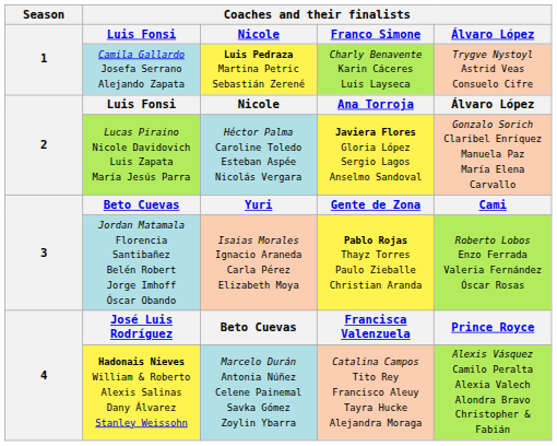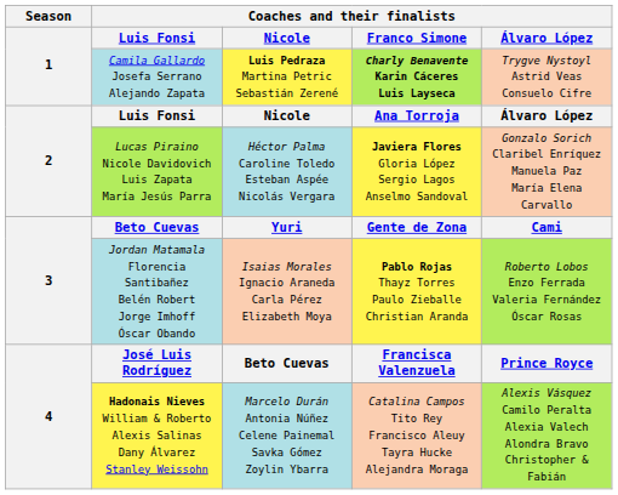 <table class="wikitable" style="text-align:center; line-height:16px; width:70%">
 <tr>
 <th style="width:10%">Season</th>
 <th style="width:50%" colspan="4">Coaches and their finalists</th>
 </tr>
 <tr>
 <th rowspan="2">1</th>
 <th style="width:15%" scope="col"><a href='#'>Luis Fonsi</a></th>
 <th style="width:15%" scope="col"><a href='#'>Nicole</a></th>
 <th style="width:15%" scope="col"><a href='#'>Franco Simone</a></th>
 <th style="width:15%" scope="col"><a href='#'>Álvaro López</a></th>
 </tr>
 <tr>
 <td style="background:#B0E0E6"><small><em><a href='#'>Camila Gallardo</a></em><br>Josefa Serrano<br>Alejando Zapata</small></td>
 <td style="background:#FFF44F"><small><strong>Luis Pedraza</strong><br>Martina Petric<br>Sebastián Zerené</small></td>
-<td style="background:#B2EC5D"><small><em>Charly Benavente</em><br>Karin Cáceres<br>Luis Layseca</small></td>
+<td style="background:#B2EC5D"><strong><small><em>Charly Benavente</em><br>Karin Cáceres<br>Luis Layseca</small></strong></td>
 <td style="background:#FBCEB1"><small><em>Trygve Nystoyl</em><br>Astrid Veas<br>Consuelo Cifre</small></td>
 </tr>
 <tr>
 <th rowspan="2">2</th>
 <th scope="col">Luis Fonsi</th>
 <th scope="col">Nicole</th>
 <th scope="col"><a href='#'>Ana Torroja</a></th>
 <th scope="col">Álvaro López</th>
 </tr>
 <tr>
 <td style="background:#B2EC5D"><small><em>Lucas Piraino</em><br>Nicole Davidovich<br>Luis Zapata<br>María Jesús Parra</small></td>
 <td style="background:#B0E0E6"><small><em>Héctor Palma </em><br>Caroline Toledo<br>Esteban Aspée<br>Nicolás Vergara</small></td>
 <td style="background:#FFF44F"><small><strong>Javiera Flores</strong><br>Gloria López<br>Sergio Lagos<br>Anselmo Sandoval</small></td>
 <td style="background:#FBCEB1"><small><em>Gonzalo Sorich</em><br>Claribel Enríquez<br>Manuela Paz<br>María Elena Carvallo</small></td>
 </tr>
 <tr>
 <th rowspan="2">3</th>
 <th scope="col"><a href='#'>Beto Cuevas</a></th>
 <th scope="col"><a href='#'>Yuri</a></th>
 <th scope="col"><a href='#'>Gente de Zona</a></th>
 <th scope="col"><a href='#'>Cami</a></th>
 </tr>
 <tr>
 <td style="background:#B0E0E6"><small><em>Jordan Matamala</em><br>Florencia Santibañez<br>Belén Robert<br>Jorge Imhoff<br>Óscar Obando</small></td>
 <td style="background:#FBCEB1"><small><em>Isaias Morales</em><br>Ignacio Araneda<br>Carla Pérez<br>Elizabeth Moya</small></td>
 <td style="background:#FFF44F"><small><strong>Pablo Rojas</strong><br>Thayz Torres<br>Paulo Zieballe<br>Christian Aranda</small></td>
 <td style="background:#B2EC5D"><small><em>Roberto Lobos</em><br>Enzo Ferrada<br>Valeria Fernández<br>Óscar Rosas</small></td>
 </tr>
 <tr>
 <th rowspan="2">4</th>
 <th scope="col"><a href='#'>José Luis Rodríguez</a></th>
 <th scope="col">Beto Cuevas</th>
 <th scope="col"><a href='#'>Francisca Valenzuela</a></th>
 <th scope="col"><a href='#'>Prince Royce</a></th>
 </tr>
 <tr>
 <td style="background:#FFF44F"><small><strong>Hadonais Nieves</strong><br>William & Roberto<br>Alexis Salinas<br>Dany Álvarez<br><a href='#'>Stanley Weissohn</a></small></td>
 <td style="background:#B0E0E6"><small><em>Marcelo Durán</em><br>Antonia Núñez<br>Celene Painemal<br>Savka Gómez<br>Zoylin Ybarra</small></td>
 <td style="background:#FBCEB1"><small><em>Catalina Campos</em><br>Tito Rey<br>Francisco Aleuy<br>Tayra Hucke<br>Alejandra Moraga</small></td>
 <td style="background:#B2EC5D"><small><em>Alexis Vásquez</em><br>Camilo Peralta<br>Alexia Valech<br>Alondra Bravo<br>Christopher & Fabián</small></td>
 </tr>
 </table>
